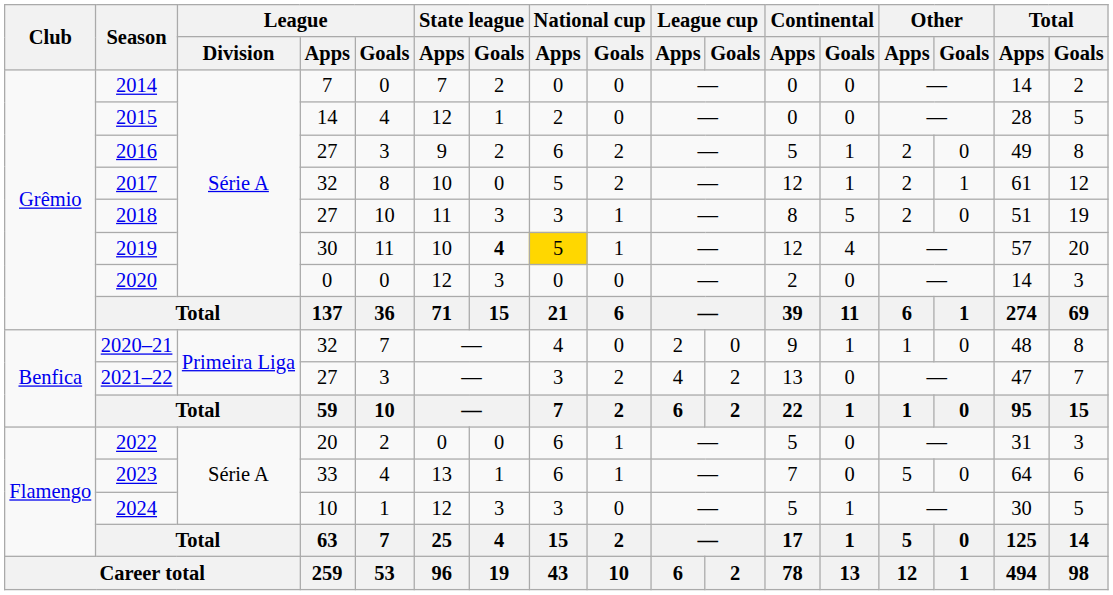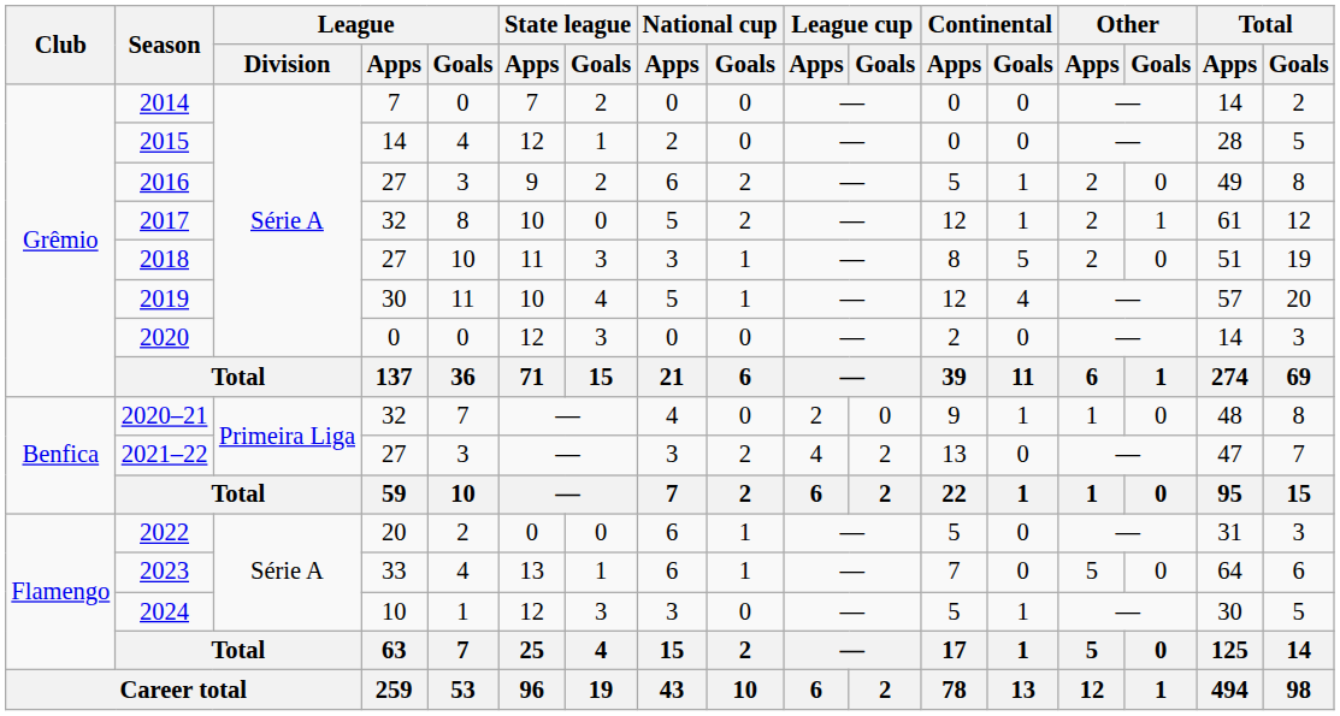 <table class="wikitable" style="text-align: center;">
 <tr>
 <th rowspan="2">Club</th>
 <th rowspan="2">Season</th>
 <th colspan="3">League</th>
 <th colspan="2">State league</th>
 <th colspan="2">National cup</th>
 <th colspan="2">League cup</th>
 <th colspan="2">Continental</th>
 <th colspan="2">Other</th>
 <th colspan="2">Total</th>
 </tr>
 <tr>
 <th>Division</th>
 <th>Apps</th>
 <th>Goals</th>
 <th>Apps</th>
 <th>Goals</th>
 <th>Apps</th>
 <th>Goals</th>
 <th>Apps</th>
 <th>Goals</th>
 <th>Apps</th>
 <th>Goals</th>
 <th>Apps</th>
 <th>Goals</th>
 <th>Apps</th>
 <th>Goals</th>
 </tr>
 <tr>
 <td rowspan="8" valign="center"><a href='#'>Grêmio</a></td>
 <td><a href='#'>2014</a></td>
 <td rowspan="7"><a href='#'>Série A</a></td>
 <td>7</td>
 <td>0</td>
 <td>7</td>
 <td>2</td>
 <td>0</td>
 <td>0</td>
 <td colspan="2">—</td>
 <td>0</td>
 <td>0</td>
 <td colspan="2">—</td>
 <td>14</td>
 <td>2</td>
 </tr>
 <tr>
 <td><a href='#'>2015</a></td>
 <td>14</td>
 <td>4</td>
 <td>12</td>
 <td>1</td>
 <td>2</td>
 <td>0</td>
 <td colspan="2">—</td>
 <td>0</td>
 <td>0</td>
 <td colspan="2">—</td>
 <td>28</td>
 <td>5</td>
 </tr>
 <tr>
 <td><a href='#'>2016</a></td>
 <td>27</td>
 <td>3</td>
 <td>9</td>
 <td>2</td>
 <td>6</td>
 <td>2</td>
 <td colspan="2">—</td>
 <td>5</td>
 <td>1</td>
 <td>2</td>
 <td>0</td>
 <td>49</td>
 <td>8</td>
 </tr>
 <tr>
 <td><a href='#'>2017</a></td>
 <td>32</td>
 <td>8</td>
 <td>10</td>
 <td>0</td>
 <td>5</td>
 <td>2</td>
 <td colspan="2">—</td>
 <td>12</td>
 <td>1</td>
 <td>2</td>
 <td>1</td>
 <td>61</td>
 <td>12</td>
 </tr>
 <tr>
 <td><a href='#'>2018</a></td>
 <td>27</td>
 <td>10</td>
 <td>11</td>
 <td>3</td>
 <td>3</td>
 <td>1</td>
 <td colspan="2">—</td>
 <td>8</td>
 <td>5</td>
 <td>2</td>
 <td>0</td>
 <td>51</td>
 <td>19</td>
 </tr>
 <tr>
 <td><a href='#'>2019</a></td>
 <td>30</td>
 <td>11</td>
 <td>10</td>
-<td><strong>4</strong></td>
-<td style="background: gold;">5</td>
+<td>4</td>
+<td>5</td>
 <td>1</td>
 <td colspan="2">—</td>
 <td>12</td>
 <td>4</td>
 <td colspan="2">—</td>
 <td>57</td>
 <td>20</td>
 </tr>
 <tr>
 <td><a href='#'>2020</a></td>
 <td>0</td>
 <td>0</td>
 <td>12</td>
 <td>3</td>
 <td>0</td>
 <td>0</td>
 <td colspan="2">—</td>
 <td>2</td>
 <td>0</td>
 <td colspan="2">—</td>
 <td>14</td>
 <td>3</td>
 </tr>
 <tr>
 <th colspan="2">Total</th>
 <th>137</th>
 <th>36</th>
 <th>71</th>
 <th>15</th>
 <th>21</th>
 <th>6</th>
 <th colspan="2">—</th>
 <th>39</th>
 <th>11</th>
 <th>6</th>
 <th>1</th>
 <th>274</th>
 <th>69</th>
 </tr>
 <tr>
 <td rowspan="3" valign="center"><a href='#'>Benfica</a></td>
 <td><a href='#'>2020–21</a></td>
 <td rowspan="2"><a href='#'>Primeira Liga</a></td>
 <td>32</td>
 <td>7</td>
 <td colspan="2">—</td>
 <td>4</td>
 <td>0</td>
 <td>2</td>
 <td>0</td>
 <td>9</td>
 <td>1</td>
 <td>1</td>
 <td>0</td>
 <td>48</td>
 <td>8</td>
 </tr>
 <tr>
 <td><a href='#'>2021–22</a></td>
 <td>27</td>
 <td>3</td>
 <td colspan="2">—</td>
 <td>3</td>
 <td>2</td>
 <td>4</td>
 <td>2</td>
 <td>13</td>
 <td>0</td>
 <td colspan="2">—</td>
 <td>47</td>
 <td>7</td>
 </tr>
 <tr>
 <th colspan="2">Total</th>
 <th>59</th>
 <th>10</th>
 <th colspan="2">—</th>
 <th>7</th>
 <th>2</th>
 <th>6</th>
 <th>2</th>
 <th>22</th>
 <th>1</th>
 <th>1</th>
 <th>0</th>
 <th>95</th>
 <th>15</th>
 </tr>
 <tr>
 <td rowspan="4"><a href='#'>Flamengo</a></td>
 <td><a href='#'>2022</a></td>
 <td rowspan="3">Série A</td>
 <td>20</td>
 <td>2</td>
 <td>0</td>
 <td>0</td>
 <td>6</td>
 <td>1</td>
 <td colspan="2">—</td>
 <td>5</td>
 <td>0</td>
 <td colspan="2">—</td>
 <td>31</td>
 <td>3</td>
 </tr>
 <tr>
 <td><a href='#'>2023</a></td>
 <td>33</td>
 <td>4</td>
 <td>13</td>
 <td>1</td>
 <td>6</td>
 <td>1</td>
 <td colspan="2">—</td>
 <td>7</td>
 <td>0</td>
 <td>5</td>
 <td>0</td>
 <td>64</td>
 <td>6</td>
 </tr>
 <tr>
 <td><a href='#'>2024</a></td>
 <td>10</td>
 <td>1</td>
 <td>12</td>
 <td>3</td>
 <td>3</td>
 <td>0</td>
 <td colspan="2">—</td>
 <td>5</td>
 <td>1</td>
 <td colspan="2">—</td>
 <td>30</td>
 <td>5</td>
 </tr>
 <tr>
 <th colspan="2">Total</th>
 <th>63</th>
 <th>7</th>
 <th>25</th>
 <th>4</th>
 <th>15</th>
 <th>2</th>
 <th colspan="2">—</th>
 <th>17</th>
 <th>1</th>
 <th>5</th>
 <th>0</th>
 <th>125</th>
 <th>14</th>
 </tr>
 <tr>
 <th colspan="3">Career total</th>
 <th>259</th>
 <th>53</th>
 <th>96</th>
 <th>19</th>
 <th>43</th>
 <th>10</th>
 <th>6</th>
 <th>2</th>
 <th>78</th>
 <th>13</th>
 <th>12</th>
 <th>1</th>
 <th>494</th>
 <th>98</th>
 </tr>
 </table>
